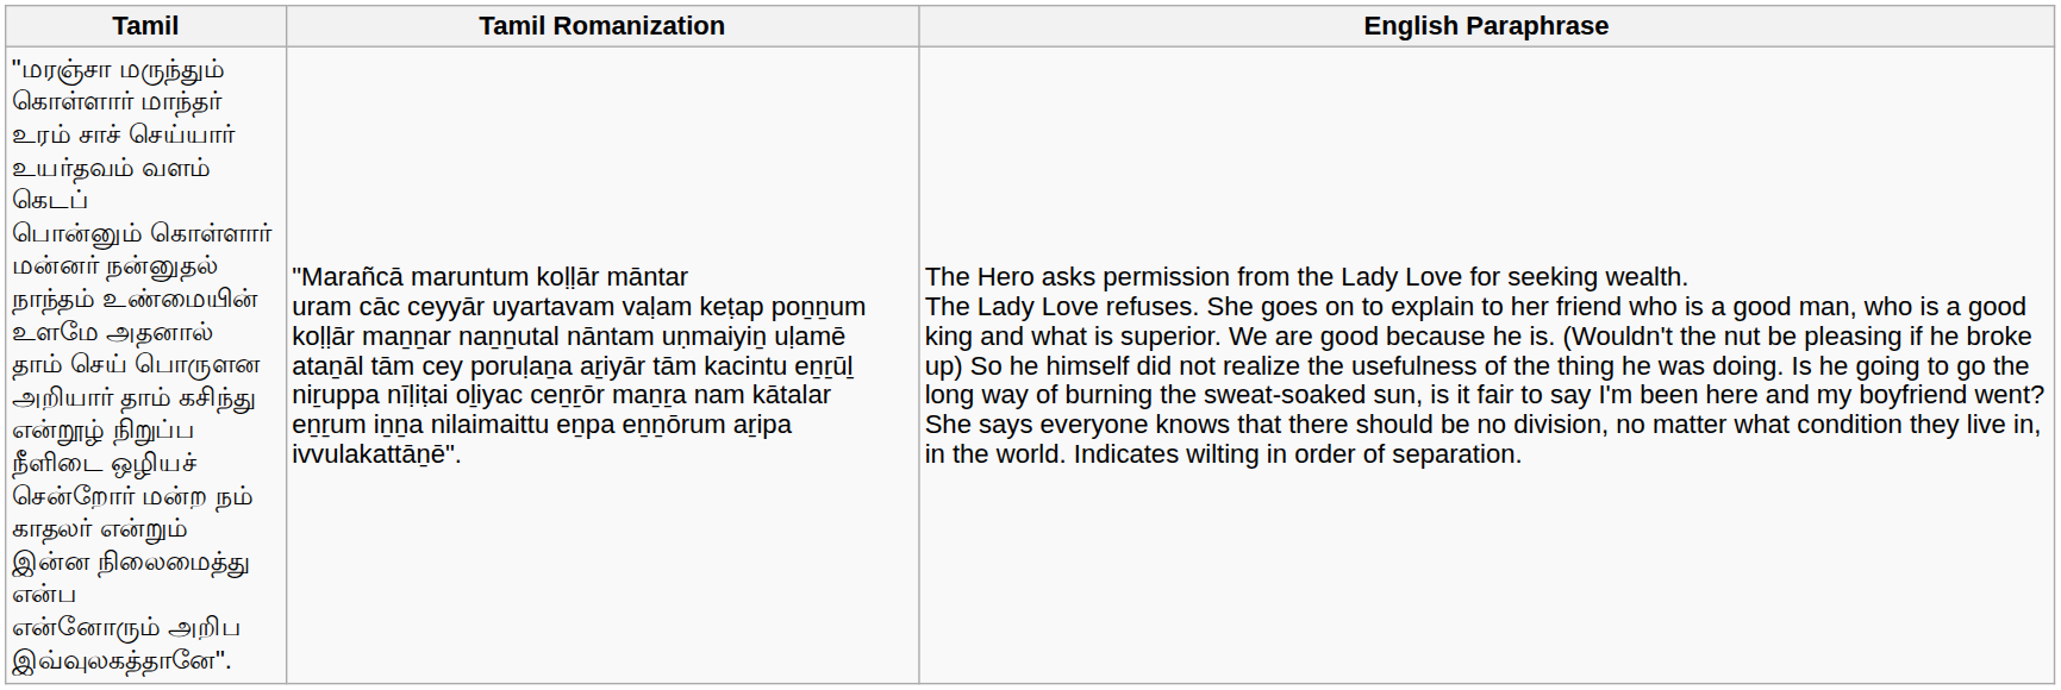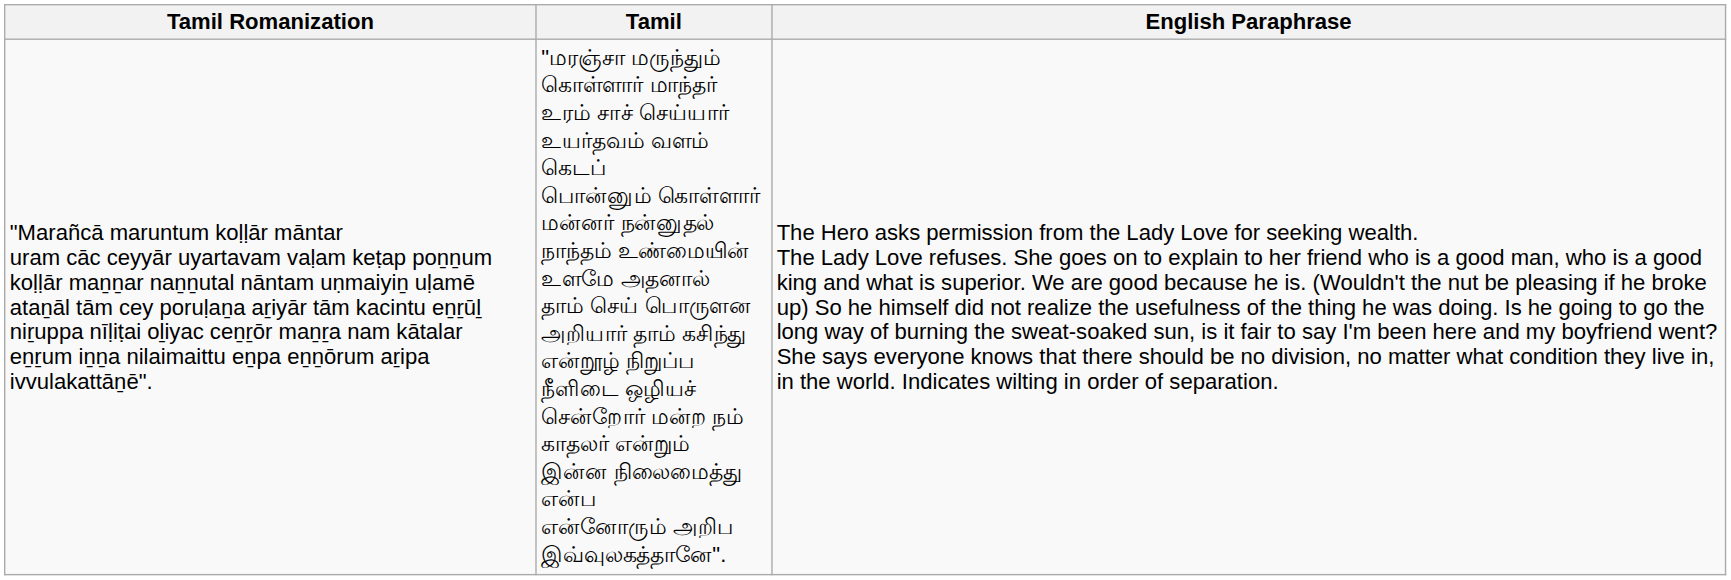 <table class="wikitable">
 <tr>
+<th>Tamil Romanization</th>
 <th>Tamil</th>
-<th>Tamil Romanization</th>
 <th>English Paraphrase</th>
 </tr>
 <tr>
+<td>"Marañcā maruntum koḷḷār māntar<br>uram cāc ceyyār uyartavam vaḷam keṭap  poṉṉum koḷḷār maṉṉar naṉṉutal  nāntam uṇmaiyiṉ uḷamē ataṉāl  tām cey poruḷaṉa aṟiyār tām kacintu  eṉṟūḻ niṟuppa nīḷiṭai oḻiyac  ceṉṟōr maṉṟa nam kātalar eṉṟum iṉṉa nilaimaittu  eṉpa eṉṉōrum aṟipa ivvulakattāṉē".</td>
 <td>"மரஞ்சா மருந்தும் கொள்ளார் மாந்தர்<br>உரம் சாச் செய்யார் உயர்தவம் வளம் கெடப்<br>பொன்னும் கொள்ளார் மன்னர் நன்னுதல்<br>நாந்தம் உண்மையின் உளமே அதனால்<br>தாம் செய் பொருளன அறியார் தாம் கசிந்து<br>என்றூழ் நிறுப்ப நீளிடை ஒழியச்<br>சென்றோர் மன்ற நம் காதலர் என்றும்<br>இன்ன நிலைமைத்து என்ப<br>என்னோரும் அறிப இவ்வுலகத்தானே".</td>
-<td>"Marañcā maruntum koḷḷār māntar<br>uram cāc ceyyār uyartavam vaḷam keṭap  poṉṉum koḷḷār maṉṉar naṉṉutal  nāntam uṇmaiyiṉ uḷamē ataṉāl  tām cey poruḷaṉa aṟiyār tām kacintu  eṉṟūḻ niṟuppa nīḷiṭai oḻiyac  ceṉṟōr maṉṟa nam kātalar eṉṟum iṉṉa nilaimaittu  eṉpa eṉṉōrum aṟipa ivvulakattāṉē".</td>
 <td>The Hero asks permission from the Lady Love for seeking wealth.<br>The Lady Love refuses.  She goes on to explain to her friend who is a good man,  who is a good king and what is superior.  We are good because he is.  (Wouldn't the nut be pleasing if he broke up)  So he himself did not realize the usefulness of the thing he was doing. Is he going to go the long way of burning the sweat-soaked sun, is it fair to say I'm been here and my boyfriend went? She says everyone knows that there should be no division, no matter what condition they live in, in the world. Indicates wilting in order of separation.</td>
 </tr>
 </table>
